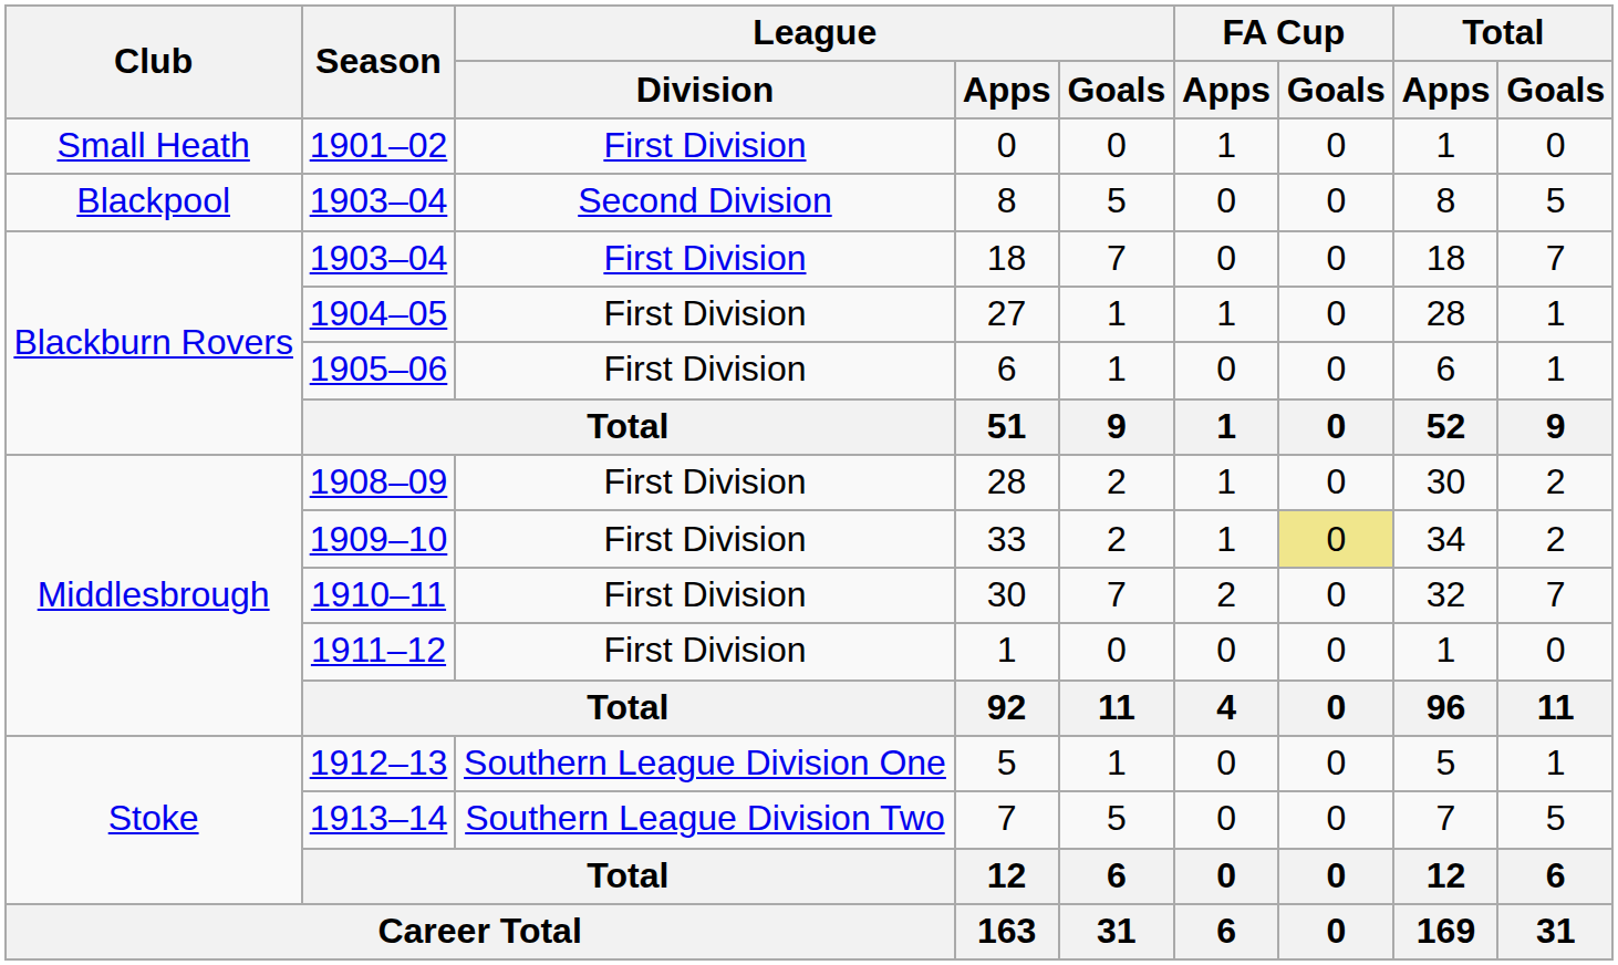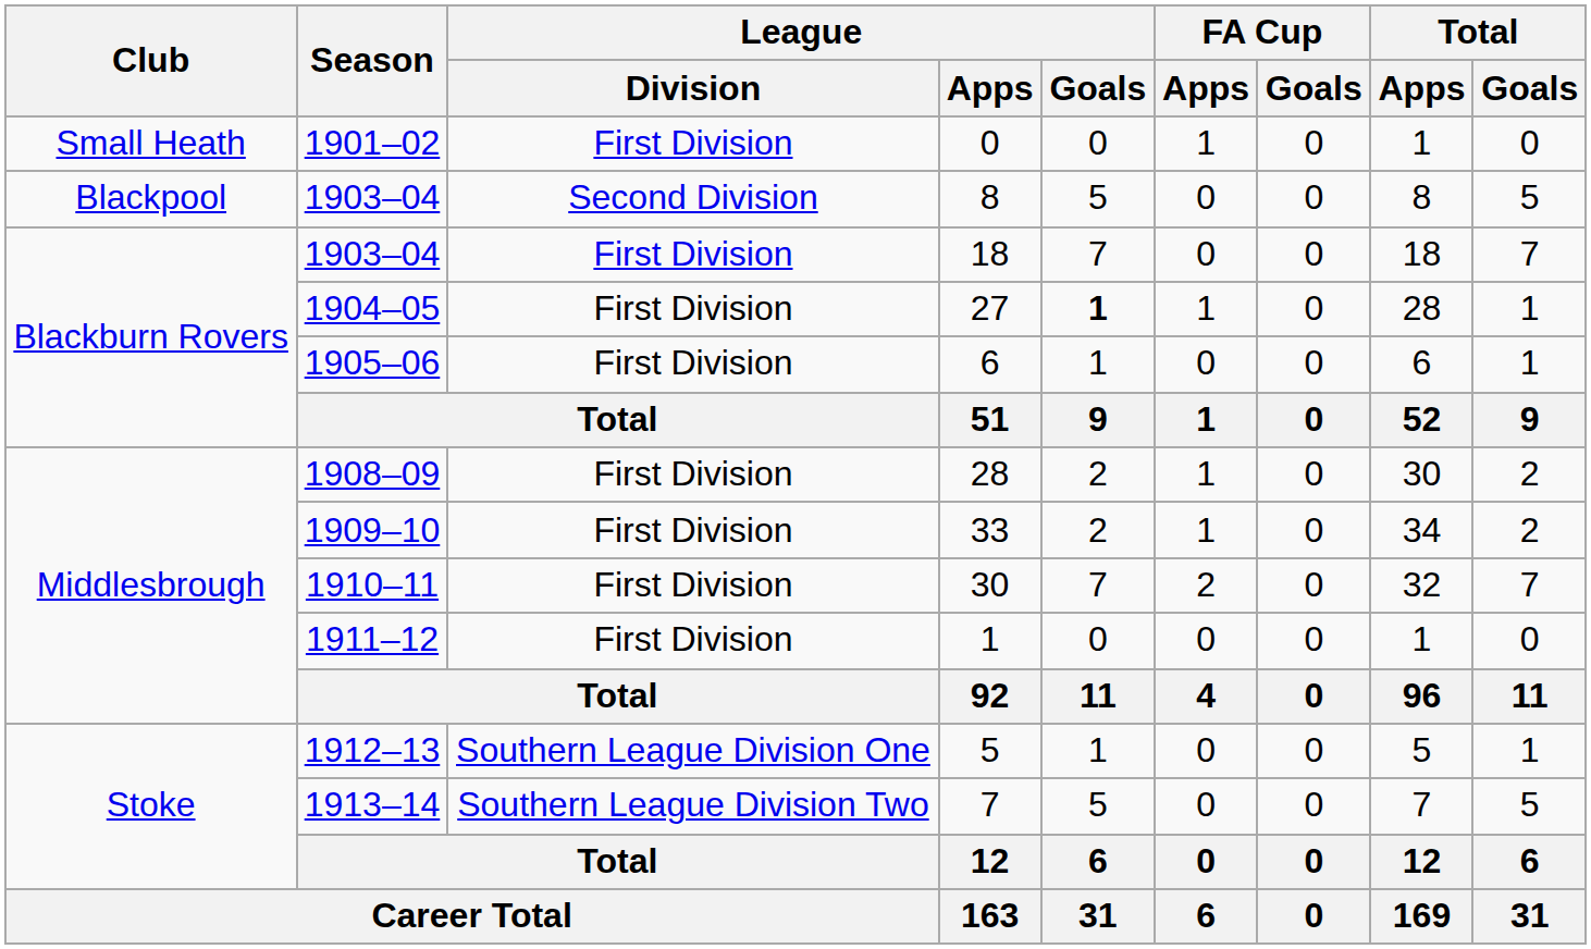 <table class="wikitable" style="text-align:center">
 <tr>
 <th rowspan="2">Club</th>
 <th rowspan="2">Season</th>
 <th colspan="3">League</th>
 <th colspan="2">FA Cup</th>
 <th colspan="2">Total</th>
 </tr>
 <tr>
 <th>Division</th>
 <th>Apps</th>
 <th>Goals</th>
 <th>Apps</th>
 <th>Goals</th>
 <th>Apps</th>
 <th>Goals</th>
 </tr>
 <tr>
 <td><a href='#'>Small Heath</a></td>
 <td><a href='#'>1901–02</a></td>
 <td><a href='#'>First Division</a></td>
 <td>0</td>
 <td>0</td>
 <td>1</td>
 <td>0</td>
 <td>1</td>
 <td>0</td>
 </tr>
 <tr>
 <td><a href='#'>Blackpool</a></td>
 <td><a href='#'>1903–04</a></td>
 <td><a href='#'>Second Division</a></td>
 <td>8</td>
 <td>5</td>
 <td>0</td>
 <td>0</td>
 <td>8</td>
 <td>5</td>
 </tr>
 <tr>
 <td rowspan="4"><a href='#'>Blackburn Rovers</a></td>
 <td><a href='#'>1903–04</a></td>
 <td><a href='#'>First Division</a></td>
 <td>18</td>
 <td>7</td>
 <td>0</td>
 <td>0</td>
 <td>18</td>
 <td>7</td>
 </tr>
 <tr>
 <td><a href='#'>1904–05</a></td>
 <td>First Division</td>
 <td>27</td>
-<td>1</td>
+<td><strong>1</strong></td>
 <td>1</td>
 <td>0</td>
 <td>28</td>
 <td>1</td>
 </tr>
 <tr>
 <td><a href='#'>1905–06</a></td>
 <td>First Division</td>
 <td>6</td>
 <td>1</td>
 <td>0</td>
 <td>0</td>
 <td>6</td>
 <td>1</td>
 </tr>
 <tr>
 <th colspan="2">Total</th>
 <th>51</th>
 <th>9</th>
 <th>1</th>
 <th>0</th>
 <th>52</th>
 <th>9</th>
 </tr>
 <tr>
 <td rowspan=5><a href='#'>Middlesbrough</a></td>
 <td><a href='#'>1908–09</a></td>
 <td>First Division</td>
 <td>28</td>
 <td>2</td>
 <td>1</td>
 <td>0</td>
 <td>30</td>
 <td>2</td>
 </tr>
 <tr>
 <td><a href='#'>1909–10</a></td>
 <td>First Division</td>
 <td>33</td>
 <td>2</td>
 <td>1</td>
-<td style="background: khaki;">0</td>
+<td>0</td>
 <td>34</td>
 <td>2</td>
 </tr>
 <tr>
 <td><a href='#'>1910–11</a></td>
 <td>First Division</td>
 <td>30</td>
 <td>7</td>
 <td>2</td>
 <td>0</td>
 <td>32</td>
 <td>7</td>
 </tr>
 <tr>
 <td><a href='#'>1911–12</a></td>
 <td>First Division</td>
 <td>1</td>
 <td>0</td>
 <td>0</td>
 <td>0</td>
 <td>1</td>
 <td>0</td>
 </tr>
 <tr>
 <th colspan="2">Total</th>
 <th>92</th>
 <th>11</th>
 <th>4</th>
 <th>0</th>
 <th>96</th>
 <th>11</th>
 </tr>
 <tr>
 <td rowspan="3"><a href='#'>Stoke</a></td>
 <td><a href='#'>1912–13</a></td>
 <td><a href='#'>Southern League Division One</a></td>
 <td>5</td>
 <td>1</td>
 <td>0</td>
 <td>0</td>
 <td>5</td>
 <td>1</td>
 </tr>
 <tr>
 <td><a href='#'>1913–14</a></td>
 <td><a href='#'>Southern League Division Two</a></td>
 <td>7</td>
 <td>5</td>
 <td>0</td>
 <td>0</td>
 <td>7</td>
 <td>5</td>
 </tr>
 <tr>
 <th colspan="2">Total</th>
 <th>12</th>
 <th>6</th>
 <th>0</th>
 <th>0</th>
 <th>12</th>
 <th>6</th>
 </tr>
 <tr>
 <th colspan="3">Career Total</th>
 <th>163</th>
 <th>31</th>
 <th>6</th>
 <th>0</th>
 <th>169</th>
 <th>31</th>
 </tr>
 </table>
